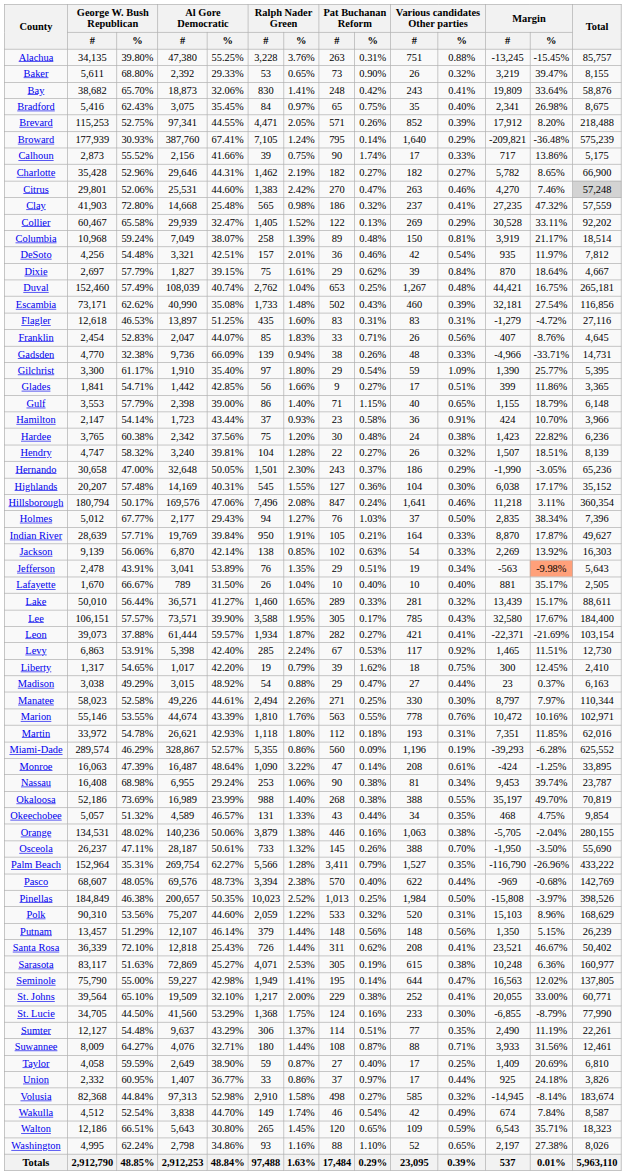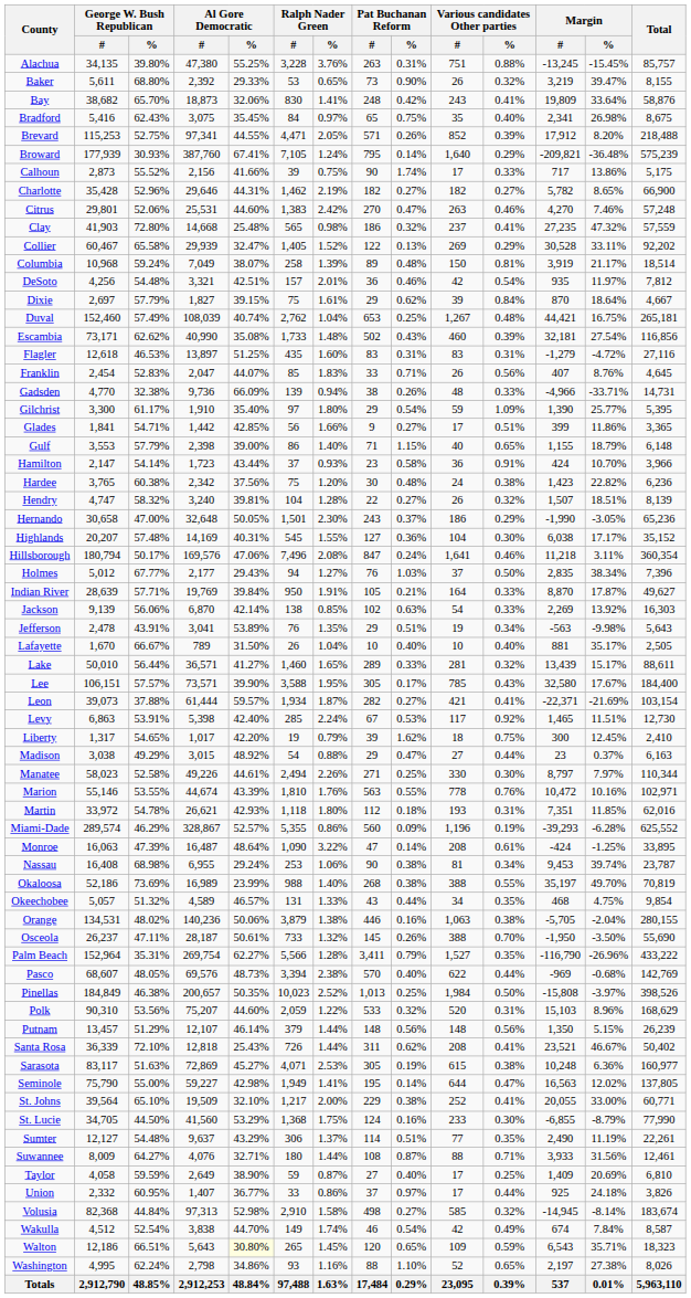 <table width="60%" class="wikitable sortable">
 <tr>
 <th style="text-align:center;" rowspan="2">County</th>
 <th style="text-align:center;" colspan="2">George W. Bush<br>Republican</th>
 <th style="text-align:center;" colspan="2">Al Gore<br>Democratic</th>
 <th style="text-align:center;" colspan="2">Ralph Nader<br>Green</th>
 <th style="text-align:center;" colspan="2">Pat Buchanan<br>Reform</th>
 <th style="text-align:center;" colspan="2">Various candidates<br>Other parties</th>
 <th style="text-align:center;" colspan="2">Margin</th>
 <th style="text-align:center;" rowspan="2">Total</th>
 </tr>
 <tr>
 <th style="text-align:center;" data-sort-type="number">#</th>
 <th style="text-align:center;" data-sort-type="number">%</th>
 <th style="text-align:center;" data-sort-type="number">#</th>
 <th style="text-align:center;" data-sort-type="number">%</th>
 <th style="text-align:center;" data-sort-type="number">#</th>
 <th style="text-align:center;" data-sort-type="number">%</th>
 <th style="text-align:center;" data-sort-type="number">#</th>
 <th style="text-align:center;" data-sort-type="number">%</th>
 <th style="text-align:center;" data-sort-type="number">#</th>
 <th style="text-align:center;" data-sort-type="number">%</th>
 <th style="text-align:center;" data-sort-type="number">#</th>
 <th style="text-align:center;" data-sort-type="number">%</th>
 </tr>
 <tr style="text-align:center;">
 <td><a href='#'>Alachua</a></td>
 <td>34,135</td>
 <td>39.80%</td>
 <td>47,380</td>
 <td>55.25%</td>
 <td>3,228</td>
 <td>3.76%</td>
 <td>263</td>
 <td>0.31%</td>
 <td>751</td>
 <td>0.88%</td>
 <td>-13,245</td>
 <td>-15.45%</td>
 <td>85,757</td>
 </tr>
 <tr style="text-align:center;">
 <td><a href='#'>Baker</a></td>
 <td>5,611</td>
 <td>68.80%</td>
 <td>2,392</td>
 <td>29.33%</td>
 <td>53</td>
 <td>0.65%</td>
 <td>73</td>
 <td>0.90%</td>
 <td>26</td>
 <td>0.32%</td>
 <td>3,219</td>
 <td>39.47%</td>
 <td>8,155</td>
 </tr>
 <tr style="text-align:center;">
 <td><a href='#'>Bay</a></td>
 <td>38,682</td>
 <td>65.70%</td>
 <td>18,873</td>
 <td>32.06%</td>
 <td>830</td>
 <td>1.41%</td>
 <td>248</td>
 <td>0.42%</td>
 <td>243</td>
 <td>0.41%</td>
 <td>19,809</td>
 <td>33.64%</td>
 <td>58,876</td>
 </tr>
 <tr style="text-align:center;">
 <td><a href='#'>Bradford</a></td>
 <td>5,416</td>
 <td>62.43%</td>
 <td>3,075</td>
 <td>35.45%</td>
 <td>84</td>
 <td>0.97%</td>
 <td>65</td>
 <td>0.75%</td>
 <td>35</td>
 <td>0.40%</td>
 <td>2,341</td>
 <td>26.98%</td>
 <td>8,675</td>
 </tr>
 <tr style="text-align:center;">
 <td><a href='#'>Brevard</a></td>
 <td>115,253</td>
 <td>52.75%</td>
 <td>97,341</td>
 <td>44.55%</td>
 <td>4,471</td>
 <td>2.05%</td>
 <td>571</td>
 <td>0.26%</td>
 <td>852</td>
 <td>0.39%</td>
 <td>17,912</td>
 <td>8.20%</td>
 <td>218,488</td>
 </tr>
 <tr style="text-align:center;">
 <td><a href='#'>Broward</a></td>
 <td>177,939</td>
 <td>30.93%</td>
 <td>387,760</td>
 <td>67.41%</td>
 <td>7,105</td>
 <td>1.24%</td>
 <td>795</td>
 <td>0.14%</td>
 <td>1,640</td>
 <td>0.29%</td>
 <td>-209,821</td>
 <td>-36.48%</td>
 <td>575,239</td>
 </tr>
 <tr style="text-align:center;">
 <td><a href='#'>Calhoun</a></td>
 <td>2,873</td>
 <td>55.52%</td>
 <td>2,156</td>
 <td>41.66%</td>
 <td>39</td>
 <td>0.75%</td>
 <td>90</td>
 <td>1.74%</td>
 <td>17</td>
 <td>0.33%</td>
 <td>717</td>
 <td>13.86%</td>
 <td>5,175</td>
 </tr>
 <tr style="text-align:center;">
 <td><a href='#'>Charlotte</a></td>
 <td>35,428</td>
 <td>52.96%</td>
 <td>29,646</td>
 <td>44.31%</td>
 <td>1,462</td>
 <td>2.19%</td>
 <td>182</td>
 <td>0.27%</td>
 <td>182</td>
 <td>0.27%</td>
 <td>5,782</td>
 <td>8.65%</td>
 <td>66,900</td>
 </tr>
 <tr style="text-align:center;">
 <td><a href='#'>Citrus</a></td>
 <td>29,801</td>
 <td>52.06%</td>
 <td>25,531</td>
 <td>44.60%</td>
 <td>1,383</td>
 <td>2.42%</td>
 <td>270</td>
 <td>0.47%</td>
 <td>263</td>
 <td>0.46%</td>
 <td>4,270</td>
 <td>7.46%</td>
-<td style="background: lightgrey;">57,248</td>
+<td>57,248</td>
 </tr>
 <tr style="text-align:center;">
 <td><a href='#'>Clay</a></td>
 <td>41,903</td>
 <td>72.80%</td>
 <td>14,668</td>
 <td>25.48%</td>
 <td>565</td>
 <td>0.98%</td>
 <td>186</td>
 <td>0.32%</td>
 <td>237</td>
 <td>0.41%</td>
 <td>27,235</td>
 <td>47.32%</td>
 <td>57,559</td>
 </tr>
 <tr style="text-align:center;">
 <td><a href='#'>Collier</a></td>
 <td>60,467</td>
 <td>65.58%</td>
 <td>29,939</td>
 <td>32.47%</td>
 <td>1,405</td>
 <td>1.52%</td>
 <td>122</td>
 <td>0.13%</td>
 <td>269</td>
 <td>0.29%</td>
 <td>30,528</td>
 <td>33.11%</td>
 <td>92,202</td>
 </tr>
 <tr style="text-align:center;">
 <td><a href='#'>Columbia</a></td>
 <td>10,968</td>
 <td>59.24%</td>
 <td>7,049</td>
 <td>38.07%</td>
 <td>258</td>
 <td>1.39%</td>
 <td>89</td>
 <td>0.48%</td>
 <td>150</td>
 <td>0.81%</td>
 <td>3,919</td>
 <td>21.17%</td>
 <td>18,514</td>
 </tr>
 <tr style="text-align:center;">
 <td><a href='#'>DeSoto</a></td>
 <td>4,256</td>
 <td>54.48%</td>
 <td>3,321</td>
 <td>42.51%</td>
 <td>157</td>
 <td>2.01%</td>
 <td>36</td>
 <td>0.46%</td>
 <td>42</td>
 <td>0.54%</td>
 <td>935</td>
 <td>11.97%</td>
 <td>7,812</td>
 </tr>
 <tr style="text-align:center;">
 <td><a href='#'>Dixie</a></td>
 <td>2,697</td>
 <td>57.79%</td>
 <td>1,827</td>
 <td>39.15%</td>
 <td>75</td>
 <td>1.61%</td>
 <td>29</td>
 <td>0.62%</td>
 <td>39</td>
 <td>0.84%</td>
 <td>870</td>
 <td>18.64%</td>
 <td>4,667</td>
 </tr>
 <tr style="text-align:center;">
 <td><a href='#'>Duval</a></td>
 <td>152,460</td>
 <td>57.49%</td>
 <td>108,039</td>
 <td>40.74%</td>
 <td>2,762</td>
 <td>1.04%</td>
 <td>653</td>
 <td>0.25%</td>
 <td>1,267</td>
 <td>0.48%</td>
 <td>44,421</td>
 <td>16.75%</td>
 <td>265,181</td>
 </tr>
 <tr style="text-align:center;">
 <td><a href='#'>Escambia</a></td>
 <td>73,171</td>
 <td>62.62%</td>
 <td>40,990</td>
 <td>35.08%</td>
 <td>1,733</td>
 <td>1.48%</td>
 <td>502</td>
 <td>0.43%</td>
 <td>460</td>
 <td>0.39%</td>
 <td>32,181</td>
 <td>27.54%</td>
 <td>116,856</td>
 </tr>
 <tr style="text-align:center;">
 <td><a href='#'>Flagler</a></td>
 <td>12,618</td>
 <td>46.53%</td>
 <td>13,897</td>
 <td>51.25%</td>
 <td>435</td>
 <td>1.60%</td>
 <td>83</td>
 <td>0.31%</td>
 <td>83</td>
 <td>0.31%</td>
 <td>-1,279</td>
 <td>-4.72%</td>
 <td>27,116</td>
 </tr>
 <tr style="text-align:center;">
 <td><a href='#'>Franklin</a></td>
 <td>2,454</td>
 <td>52.83%</td>
 <td>2,047</td>
 <td>44.07%</td>
 <td>85</td>
 <td>1.83%</td>
 <td>33</td>
 <td>0.71%</td>
 <td>26</td>
 <td>0.56%</td>
 <td>407</td>
 <td>8.76%</td>
 <td>4,645</td>
 </tr>
 <tr style="text-align:center;">
 <td><a href='#'>Gadsden</a></td>
 <td>4,770</td>
 <td>32.38%</td>
 <td>9,736</td>
 <td>66.09%</td>
 <td>139</td>
 <td>0.94%</td>
 <td>38</td>
 <td>0.26%</td>
 <td>48</td>
 <td>0.33%</td>
 <td>-4,966</td>
 <td>-33.71%</td>
 <td>14,731</td>
 </tr>
 <tr style="text-align:center;">
 <td><a href='#'>Gilchrist</a></td>
 <td>3,300</td>
 <td>61.17%</td>
 <td>1,910</td>
 <td>35.40%</td>
 <td>97</td>
 <td>1.80%</td>
 <td>29</td>
 <td>0.54%</td>
 <td>59</td>
 <td>1.09%</td>
 <td>1,390</td>
 <td>25.77%</td>
 <td>5,395</td>
 </tr>
 <tr style="text-align:center;">
 <td><a href='#'>Glades</a></td>
 <td>1,841</td>
 <td>54.71%</td>
 <td>1,442</td>
 <td>42.85%</td>
 <td>56</td>
 <td>1.66%</td>
 <td>9</td>
 <td>0.27%</td>
 <td>17</td>
 <td>0.51%</td>
 <td>399</td>
 <td>11.86%</td>
 <td>3,365</td>
 </tr>
 <tr style="text-align:center;">
 <td><a href='#'>Gulf</a></td>
 <td>3,553</td>
 <td>57.79%</td>
 <td>2,398</td>
 <td>39.00%</td>
 <td>86</td>
 <td>1.40%</td>
 <td>71</td>
 <td>1.15%</td>
 <td>40</td>
 <td>0.65%</td>
 <td>1,155</td>
 <td>18.79%</td>
 <td>6,148</td>
 </tr>
 <tr style="text-align:center;">
 <td><a href='#'>Hamilton</a></td>
 <td>2,147</td>
 <td>54.14%</td>
 <td>1,723</td>
 <td>43.44%</td>
 <td>37</td>
 <td>0.93%</td>
 <td>23</td>
 <td>0.58%</td>
 <td>36</td>
 <td>0.91%</td>
 <td>424</td>
 <td>10.70%</td>
 <td>3,966</td>
 </tr>
 <tr style="text-align:center;">
 <td><a href='#'>Hardee</a></td>
 <td>3,765</td>
 <td>60.38%</td>
 <td>2,342</td>
 <td>37.56%</td>
 <td>75</td>
 <td>1.20%</td>
 <td>30</td>
 <td>0.48%</td>
 <td>24</td>
 <td>0.38%</td>
 <td>1,423</td>
 <td>22.82%</td>
 <td>6,236</td>
 </tr>
 <tr style="text-align:center;">
 <td><a href='#'>Hendry</a></td>
 <td>4,747</td>
 <td>58.32%</td>
 <td>3,240</td>
 <td>39.81%</td>
 <td>104</td>
 <td>1.28%</td>
 <td>22</td>
 <td>0.27%</td>
 <td>26</td>
 <td>0.32%</td>
 <td>1,507</td>
 <td>18.51%</td>
 <td>8,139</td>
 </tr>
 <tr style="text-align:center;">
 <td><a href='#'>Hernando</a></td>
 <td>30,658</td>
 <td>47.00%</td>
 <td>32,648</td>
 <td>50.05%</td>
 <td>1,501</td>
 <td>2.30%</td>
 <td>243</td>
 <td>0.37%</td>
 <td>186</td>
 <td>0.29%</td>
 <td>-1,990</td>
 <td>-3.05%</td>
 <td>65,236</td>
 </tr>
 <tr style="text-align:center;">
 <td><a href='#'>Highlands</a></td>
 <td>20,207</td>
 <td>57.48%</td>
 <td>14,169</td>
 <td>40.31%</td>
 <td>545</td>
 <td>1.55%</td>
 <td>127</td>
 <td>0.36%</td>
 <td>104</td>
 <td>0.30%</td>
 <td>6,038</td>
 <td>17.17%</td>
 <td>35,152</td>
 </tr>
 <tr style="text-align:center;">
 <td><a href='#'>Hillsborough</a></td>
 <td>180,794</td>
 <td>50.17%</td>
 <td>169,576</td>
 <td>47.06%</td>
 <td>7,496</td>
 <td>2.08%</td>
 <td>847</td>
 <td>0.24%</td>
 <td>1,641</td>
 <td>0.46%</td>
 <td>11,218</td>
 <td>3.11%</td>
 <td>360,354</td>
 </tr>
 <tr style="text-align:center;">
 <td><a href='#'>Holmes</a></td>
 <td>5,012</td>
 <td>67.77%</td>
 <td>2,177</td>
 <td>29.43%</td>
 <td>94</td>
 <td>1.27%</td>
 <td>76</td>
 <td>1.03%</td>
 <td>37</td>
 <td>0.50%</td>
 <td>2,835</td>
 <td>38.34%</td>
 <td>7,396</td>
 </tr>
 <tr style="text-align:center;">
 <td><a href='#'>Indian River</a></td>
 <td>28,639</td>
 <td>57.71%</td>
 <td>19,769</td>
 <td>39.84%</td>
 <td>950</td>
 <td>1.91%</td>
 <td>105</td>
 <td>0.21%</td>
 <td>164</td>
 <td>0.33%</td>
 <td>8,870</td>
 <td>17.87%</td>
 <td>49,627</td>
 </tr>
 <tr style="text-align:center;">
 <td><a href='#'>Jackson</a></td>
 <td>9,139</td>
 <td>56.06%</td>
 <td>6,870</td>
 <td>42.14%</td>
 <td>138</td>
 <td>0.85%</td>
 <td>102</td>
 <td>0.63%</td>
 <td>54</td>
 <td>0.33%</td>
 <td>2,269</td>
 <td>13.92%</td>
 <td>16,303</td>
 </tr>
 <tr style="text-align:center;">
 <td><a href='#'>Jefferson</a></td>
 <td>2,478</td>
 <td>43.91%</td>
 <td>3,041</td>
 <td>53.89%</td>
 <td>76</td>
 <td>1.35%</td>
 <td>29</td>
 <td>0.51%</td>
 <td>19</td>
 <td>0.34%</td>
 <td>-563</td>
-<td style="background: lightsalmon;">-9.98%</td>
+<td>-9.98%</td>
 <td>5,643</td>
 </tr>
 <tr style="text-align:center;">
 <td><a href='#'>Lafayette</a></td>
 <td>1,670</td>
 <td>66.67%</td>
 <td>789</td>
 <td>31.50%</td>
 <td>26</td>
 <td>1.04%</td>
 <td>10</td>
 <td>0.40%</td>
 <td>10</td>
 <td>0.40%</td>
 <td>881</td>
 <td>35.17%</td>
 <td>2,505</td>
 </tr>
 <tr style="text-align:center;">
 <td><a href='#'>Lake</a></td>
 <td>50,010</td>
 <td>56.44%</td>
 <td>36,571</td>
 <td>41.27%</td>
 <td>1,460</td>
 <td>1.65%</td>
 <td>289</td>
 <td>0.33%</td>
 <td>281</td>
 <td>0.32%</td>
 <td>13,439</td>
 <td>15.17%</td>
 <td>88,611</td>
 </tr>
 <tr style="text-align:center;">
 <td><a href='#'>Lee</a></td>
 <td>106,151</td>
 <td>57.57%</td>
 <td>73,571</td>
 <td>39.90%</td>
 <td>3,588</td>
 <td>1.95%</td>
 <td>305</td>
 <td>0.17%</td>
 <td>785</td>
 <td>0.43%</td>
 <td>32,580</td>
 <td>17.67%</td>
 <td>184,400</td>
 </tr>
 <tr style="text-align:center;">
 <td><a href='#'>Leon</a></td>
 <td>39,073</td>
 <td>37.88%</td>
 <td>61,444</td>
 <td>59.57%</td>
 <td>1,934</td>
 <td>1.87%</td>
 <td>282</td>
 <td>0.27%</td>
 <td>421</td>
 <td>0.41%</td>
 <td>-22,371</td>
 <td>-21.69%</td>
 <td>103,154</td>
 </tr>
 <tr style="text-align:center;">
 <td><a href='#'>Levy</a></td>
 <td>6,863</td>
 <td>53.91%</td>
 <td>5,398</td>
 <td>42.40%</td>
 <td>285</td>
 <td>2.24%</td>
 <td>67</td>
 <td>0.53%</td>
 <td>117</td>
 <td>0.92%</td>
 <td>1,465</td>
 <td>11.51%</td>
 <td>12,730</td>
 </tr>
 <tr style="text-align:center;">
 <td><a href='#'>Liberty</a></td>
 <td>1,317</td>
 <td>54.65%</td>
 <td>1,017</td>
 <td>42.20%</td>
 <td>19</td>
 <td>0.79%</td>
 <td>39</td>
 <td>1.62%</td>
 <td>18</td>
 <td>0.75%</td>
 <td>300</td>
 <td>12.45%</td>
 <td>2,410</td>
 </tr>
 <tr style="text-align:center;">
 <td><a href='#'>Madison</a></td>
 <td>3,038</td>
 <td>49.29%</td>
 <td>3,015</td>
 <td>48.92%</td>
 <td>54</td>
 <td>0.88%</td>
 <td>29</td>
 <td>0.47%</td>
 <td>27</td>
 <td>0.44%</td>
 <td>23</td>
 <td>0.37%</td>
 <td>6,163</td>
 </tr>
 <tr style="text-align:center;">
 <td><a href='#'>Manatee</a></td>
 <td>58,023</td>
 <td>52.58%</td>
 <td>49,226</td>
 <td>44.61%</td>
 <td>2,494</td>
 <td>2.26%</td>
 <td>271</td>
 <td>0.25%</td>
 <td>330</td>
 <td>0.30%</td>
 <td>8,797</td>
 <td>7.97%</td>
 <td>110,344</td>
 </tr>
 <tr style="text-align:center;">
 <td><a href='#'>Marion</a></td>
 <td>55,146</td>
 <td>53.55%</td>
 <td>44,674</td>
 <td>43.39%</td>
 <td>1,810</td>
 <td>1.76%</td>
 <td>563</td>
 <td>0.55%</td>
 <td>778</td>
 <td>0.76%</td>
 <td>10,472</td>
 <td>10.16%</td>
 <td>102,971</td>
 </tr>
 <tr style="text-align:center;">
 <td><a href='#'>Martin</a></td>
 <td>33,972</td>
 <td>54.78%</td>
 <td>26,621</td>
 <td>42.93%</td>
 <td>1,118</td>
 <td>1.80%</td>
 <td>112</td>
 <td>0.18%</td>
 <td>193</td>
 <td>0.31%</td>
 <td>7,351</td>
 <td>11.85%</td>
 <td>62,016</td>
 </tr>
 <tr style="text-align:center;">
 <td><a href='#'>Miami-Dade</a></td>
 <td>289,574</td>
 <td>46.29%</td>
 <td>328,867</td>
 <td>52.57%</td>
 <td>5,355</td>
 <td>0.86%</td>
 <td>560</td>
 <td>0.09%</td>
 <td>1,196</td>
 <td>0.19%</td>
 <td>-39,293</td>
 <td>-6.28%</td>
 <td>625,552</td>
 </tr>
 <tr style="text-align:center;">
 <td><a href='#'>Monroe</a></td>
 <td>16,063</td>
 <td>47.39%</td>
 <td>16,487</td>
 <td>48.64%</td>
 <td>1,090</td>
 <td>3.22%</td>
 <td>47</td>
 <td>0.14%</td>
 <td>208</td>
 <td>0.61%</td>
 <td>-424</td>
 <td>-1.25%</td>
 <td>33,895</td>
 </tr>
 <tr style="text-align:center;">
 <td><a href='#'>Nassau</a></td>
 <td>16,408</td>
 <td>68.98%</td>
 <td>6,955</td>
 <td>29.24%</td>
 <td>253</td>
 <td>1.06%</td>
 <td>90</td>
 <td>0.38%</td>
 <td>81</td>
 <td>0.34%</td>
 <td>9,453</td>
 <td>39.74%</td>
 <td>23,787</td>
 </tr>
 <tr style="text-align:center;">
 <td><a href='#'>Okaloosa</a></td>
 <td>52,186</td>
 <td>73.69%</td>
 <td>16,989</td>
 <td>23.99%</td>
 <td>988</td>
 <td>1.40%</td>
 <td>268</td>
 <td>0.38%</td>
 <td>388</td>
 <td>0.55%</td>
 <td>35,197</td>
 <td>49.70%</td>
 <td>70,819</td>
 </tr>
 <tr style="text-align:center;">
 <td><a href='#'>Okeechobee</a></td>
 <td>5,057</td>
 <td>51.32%</td>
 <td>4,589</td>
 <td>46.57%</td>
 <td>131</td>
 <td>1.33%</td>
 <td>43</td>
 <td>0.44%</td>
 <td>34</td>
 <td>0.35%</td>
 <td>468</td>
 <td>4.75%</td>
 <td>9,854</td>
 </tr>
 <tr style="text-align:center;">
 <td><a href='#'>Orange</a></td>
 <td>134,531</td>
 <td>48.02%</td>
 <td>140,236</td>
 <td>50.06%</td>
 <td>3,879</td>
 <td>1.38%</td>
 <td>446</td>
 <td>0.16%</td>
 <td>1,063</td>
 <td>0.38%</td>
 <td>-5,705</td>
 <td>-2.04%</td>
 <td>280,155</td>
 </tr>
 <tr style="text-align:center;">
 <td><a href='#'>Osceola</a></td>
 <td>26,237</td>
 <td>47.11%</td>
 <td>28,187</td>
 <td>50.61%</td>
 <td>733</td>
 <td>1.32%</td>
 <td>145</td>
 <td>0.26%</td>
 <td>388</td>
 <td>0.70%</td>
 <td>-1,950</td>
 <td>-3.50%</td>
 <td>55,690</td>
 </tr>
 <tr style="text-align:center;">
 <td><a href='#'>Palm Beach</a></td>
 <td>152,964</td>
 <td>35.31%</td>
 <td>269,754</td>
 <td>62.27%</td>
 <td>5,566</td>
 <td>1.28%</td>
 <td>3,411</td>
 <td>0.79%</td>
 <td>1,527</td>
 <td>0.35%</td>
 <td>-116,790</td>
 <td>-26.96%</td>
 <td>433,222</td>
 </tr>
 <tr style="text-align:center;">
 <td><a href='#'>Pasco</a></td>
 <td>68,607</td>
 <td>48.05%</td>
 <td>69,576</td>
 <td>48.73%</td>
 <td>3,394</td>
 <td>2.38%</td>
 <td>570</td>
 <td>0.40%</td>
 <td>622</td>
 <td>0.44%</td>
 <td>-969</td>
 <td>-0.68%</td>
 <td>142,769</td>
 </tr>
 <tr style="text-align:center;">
 <td><a href='#'>Pinellas</a></td>
 <td>184,849</td>
 <td>46.38%</td>
 <td>200,657</td>
 <td>50.35%</td>
 <td>10,023</td>
 <td>2.52%</td>
 <td>1,013</td>
 <td>0.25%</td>
 <td>1,984</td>
 <td>0.50%</td>
 <td>-15,808</td>
 <td>-3.97%</td>
 <td>398,526</td>
 </tr>
 <tr style="text-align:center;">
 <td><a href='#'>Polk</a></td>
 <td>90,310</td>
 <td>53.56%</td>
 <td>75,207</td>
 <td>44.60%</td>
 <td>2,059</td>
 <td>1.22%</td>
 <td>533</td>
 <td>0.32%</td>
 <td>520</td>
 <td>0.31%</td>
 <td>15,103</td>
 <td>8.96%</td>
 <td>168,629</td>
 </tr>
 <tr style="text-align:center;">
 <td><a href='#'>Putnam</a></td>
 <td>13,457</td>
 <td>51.29%</td>
 <td>12,107</td>
 <td>46.14%</td>
 <td>379</td>
 <td>1.44%</td>
 <td>148</td>
 <td>0.56%</td>
 <td>148</td>
 <td>0.56%</td>
 <td>1,350</td>
 <td>5.15%</td>
 <td>26,239</td>
 </tr>
 <tr style="text-align:center;">
 <td><a href='#'>Santa Rosa</a></td>
 <td>36,339</td>
 <td>72.10%</td>
 <td>12,818</td>
 <td>25.43%</td>
 <td>726</td>
 <td>1.44%</td>
 <td>311</td>
 <td>0.62%</td>
 <td>208</td>
 <td>0.41%</td>
 <td>23,521</td>
 <td>46.67%</td>
 <td>50,402</td>
 </tr>
 <tr style="text-align:center;">
 <td><a href='#'>Sarasota</a></td>
 <td>83,117</td>
 <td>51.63%</td>
 <td>72,869</td>
 <td>45.27%</td>
 <td>4,071</td>
 <td>2.53%</td>
 <td>305</td>
 <td>0.19%</td>
 <td>615</td>
 <td>0.38%</td>
 <td>10,248</td>
 <td>6.36%</td>
 <td>160,977</td>
 </tr>
 <tr style="text-align:center;">
 <td><a href='#'>Seminole</a></td>
 <td>75,790</td>
 <td>55.00%</td>
 <td>59,227</td>
 <td>42.98%</td>
 <td>1,949</td>
 <td>1.41%</td>
 <td>195</td>
 <td>0.14%</td>
 <td>644</td>
 <td>0.47%</td>
 <td>16,563</td>
 <td>12.02%</td>
 <td>137,805</td>
 </tr>
 <tr style="text-align:center;">
 <td><a href='#'>St. Johns</a></td>
 <td>39,564</td>
 <td>65.10%</td>
 <td>19,509</td>
 <td>32.10%</td>
 <td>1,217</td>
 <td>2.00%</td>
 <td>229</td>
 <td>0.38%</td>
 <td>252</td>
 <td>0.41%</td>
 <td>20,055</td>
 <td>33.00%</td>
 <td>60,771</td>
 </tr>
 <tr style="text-align:center;">
 <td><a href='#'>St. Lucie</a></td>
 <td>34,705</td>
 <td>44.50%</td>
 <td>41,560</td>
 <td>53.29%</td>
 <td>1,368</td>
 <td>1.75%</td>
 <td>124</td>
 <td>0.16%</td>
 <td>233</td>
 <td>0.30%</td>
 <td>-6,855</td>
 <td>-8.79%</td>
 <td>77,990</td>
 </tr>
 <tr style="text-align:center;">
 <td><a href='#'>Sumter</a></td>
 <td>12,127</td>
 <td>54.48%</td>
 <td>9,637</td>
 <td>43.29%</td>
 <td>306</td>
 <td>1.37%</td>
 <td>114</td>
 <td>0.51%</td>
 <td>77</td>
 <td>0.35%</td>
 <td>2,490</td>
 <td>11.19%</td>
 <td>22,261</td>
 </tr>
 <tr style="text-align:center;">
 <td><a href='#'>Suwannee</a></td>
 <td>8,009</td>
 <td>64.27%</td>
 <td>4,076</td>
 <td>32.71%</td>
 <td>180</td>
 <td>1.44%</td>
 <td>108</td>
 <td>0.87%</td>
 <td>88</td>
 <td>0.71%</td>
 <td>3,933</td>
 <td>31.56%</td>
 <td>12,461</td>
 </tr>
 <tr style="text-align:center;">
 <td><a href='#'>Taylor</a></td>
 <td>4,058</td>
 <td>59.59%</td>
 <td>2,649</td>
 <td>38.90%</td>
 <td>59</td>
 <td>0.87%</td>
 <td>27</td>
 <td>0.40%</td>
 <td>17</td>
 <td>0.25%</td>
 <td>1,409</td>
 <td>20.69%</td>
 <td>6,810</td>
 </tr>
 <tr style="text-align:center;">
 <td><a href='#'>Union</a></td>
 <td>2,332</td>
 <td>60.95%</td>
 <td>1,407</td>
 <td>36.77%</td>
 <td>33</td>
 <td>0.86%</td>
 <td>37</td>
 <td>0.97%</td>
 <td>17</td>
 <td>0.44%</td>
 <td>925</td>
 <td>24.18%</td>
 <td>3,826</td>
 </tr>
 <tr style="text-align:center;">
 <td><a href='#'>Volusia</a></td>
 <td>82,368</td>
 <td>44.84%</td>
 <td>97,313</td>
 <td>52.98%</td>
 <td>2,910</td>
 <td>1.58%</td>
 <td>498</td>
 <td>0.27%</td>
 <td>585</td>
 <td>0.32%</td>
 <td>-14,945</td>
 <td>-8.14%</td>
 <td>183,674</td>
 </tr>
 <tr style="text-align:center;">
 <td><a href='#'>Wakulla</a></td>
 <td>4,512</td>
 <td>52.54%</td>
 <td>3,838</td>
 <td>44.70%</td>
 <td>149</td>
 <td>1.74%</td>
 <td>46</td>
 <td>0.54%</td>
 <td>42</td>
 <td>0.49%</td>
 <td>674</td>
 <td>7.84%</td>
 <td>8,587</td>
 </tr>
 <tr style="text-align:center;">
 <td><a href='#'>Walton</a></td>
 <td>12,186</td>
 <td>66.51%</td>
 <td>5,643</td>
-<td>30.80%</td>
+<td style="background: lightyellow;">30.80%</td>
 <td>265</td>
 <td>1.45%</td>
 <td>120</td>
 <td>0.65%</td>
 <td>109</td>
 <td>0.59%</td>
 <td>6,543</td>
 <td>35.71%</td>
 <td>18,323</td>
 </tr>
 <tr style="text-align:center;">
 <td><a href='#'>Washington</a></td>
 <td>4,995</td>
 <td>62.24%</td>
 <td>2,798</td>
 <td>34.86%</td>
 <td>93</td>
 <td>1.16%</td>
 <td>88</td>
 <td>1.10%</td>
 <td>52</td>
 <td>0.65%</td>
 <td>2,197</td>
 <td>27.38%</td>
 <td>8,026</td>
 </tr>
 <tr style="text-align:center;">
 <th>Totals</th>
 <th>2,912,790</th>
 <th>48.85%</th>
 <th>2,912,253</th>
 <th>48.84%</th>
 <th>97,488</th>
 <th>1.63%</th>
 <th>17,484</th>
 <th>0.29%</th>
 <th>23,095</th>
 <th>0.39%</th>
 <th>537</th>
 <th>0.01%</th>
 <th>5,963,110</th>
 </tr>
 </table>
